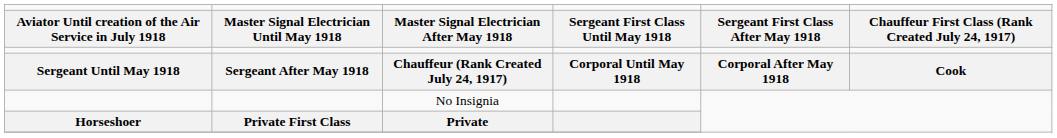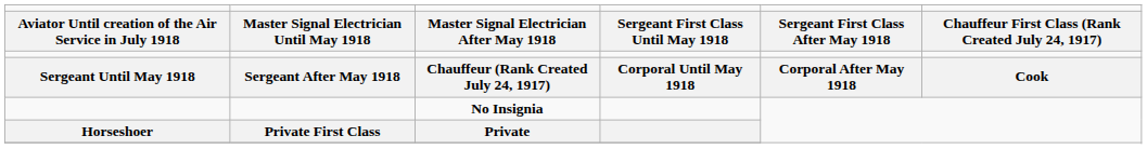 <table class="wikitable" style="text-align:center">
 <tr>
 <td></td>
 <td></td>
 <td></td>
 <td></td>
 <td></td>
 <td></td>
 </tr>
 <tr>
 <th>Aviator Until creation of the Air Service in July 1918</th>
 <th>Master Signal Electrician Until May 1918</th>
 <th>Master Signal Electrician After May 1918</th>
 <th>Sergeant First Class Until May 1918</th>
 <th>Sergeant First Class After May 1918</th>
 <th>Chauffeur First Class (Rank Created July 24, 1917)</th>
 </tr>
 <tr>
 <td></td>
 <td></td>
 <td></td>
 <td></td>
 <td></td>
 <td></td>
 </tr>
 <tr>
 <th>Sergeant Until May 1918</th>
 <th>Sergeant After May 1918</th>
 <th>Chauffeur (Rank Created July 24, 1917)</th>
 <th>Corporal Until May 1918</th>
 <th>Corporal After May 1918</th>
 <th>Cook</th>
 </tr>
 <tr>
 <td></td>
 <td></td>
-<td>No Insignia</td>
+<td><strong>No Insignia</strong></td>
 <td></td>
 </tr>
 <tr>
 <th>Horseshoer</th>
 <th>Private First Class</th>
 <th>Private</th>
 <th></th>
 </tr>
 <tr>
 </tr>
 </table>
